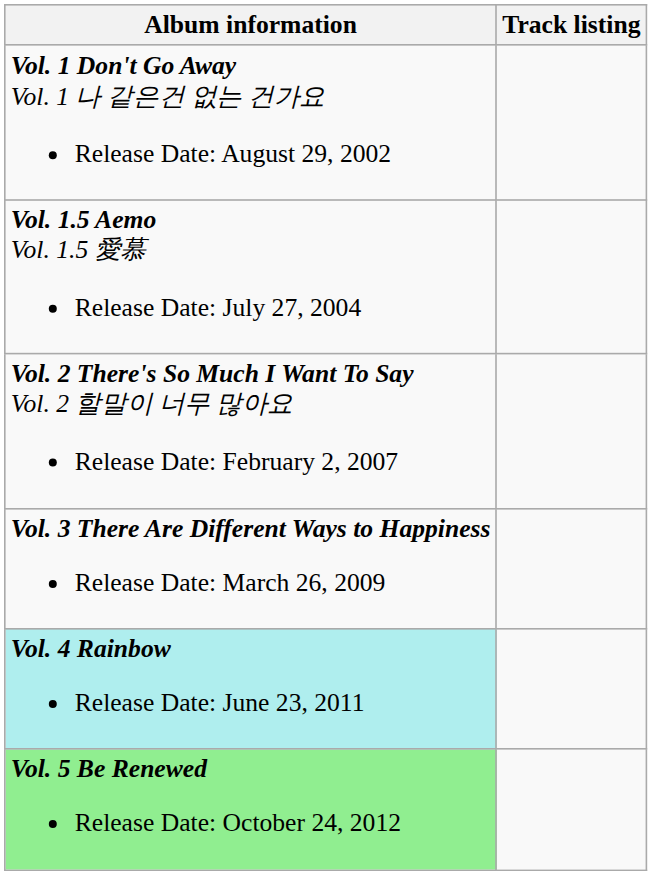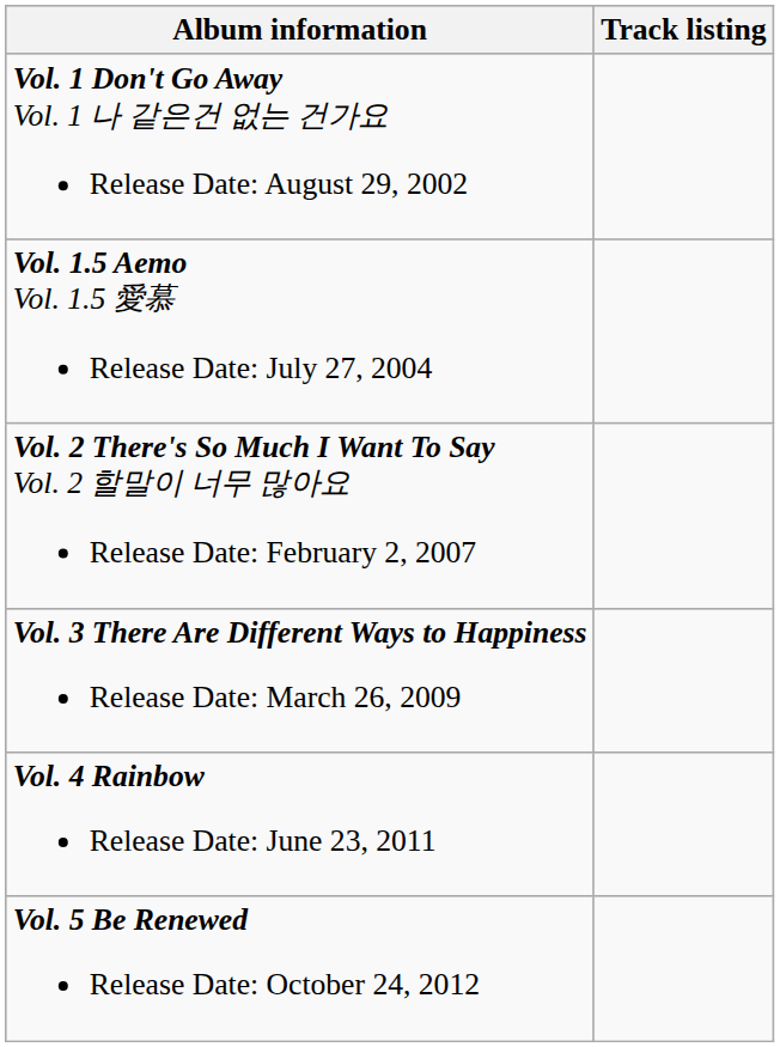 <table class="wikitable">
 <tr>
 <th>Album information</th>
 <th>Track listing</th>
 </tr>
 <tr>
 <td><strong><em>Vol. 1 Don't Go Away</em></strong> <br><em>Vol. 1 나 같은건 없는 건가요</em><br><ul><li>Release Date: August 29, 2002</li></ul></td>
 <td></td>
 </tr>
 <tr>
 <td><strong><em>Vol. 1.5 Aemo</em></strong> <br><em>Vol. 1.5 愛慕</em><br><ul><li>Release Date: July 27, 2004</li></ul></td>
 <td></td>
 </tr>
 <tr>
 <td><strong><em>Vol. 2 There's So Much I Want To Say</em></strong> <br><em>Vol. 2 할말이 너무 많아요</em><br><ul><li>Release Date: February 2, 2007</li></ul></td>
 <td></td>
 </tr>
 <tr>
 <td><strong><em>Vol. 3 There Are Different Ways to Happiness</em></strong><br><ul><li>Release Date: March 26, 2009</li></ul></td>
 <td></td>
 </tr>
 <tr>
-<td style="background: paleturquoise;"><strong><em>Vol. 4 Rainbow</em></strong><br><ul><li>Release Date: June 23, 2011</li></ul></td>
+<td><strong><em>Vol. 4 Rainbow</em></strong><br><ul><li>Release Date: June 23, 2011</li></ul></td>
 <td></td>
 </tr>
 <tr>
-<td style="background: lightgreen;"><strong><em>Vol. 5 Be Renewed</em></strong><br><ul><li>Release Date: October 24, 2012</li></ul></td>
+<td><strong><em>Vol. 5 Be Renewed</em></strong><br><ul><li>Release Date: October 24, 2012</li></ul></td>
 <td></td>
 </tr>
 </table>
